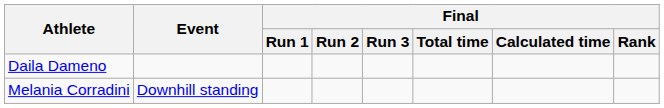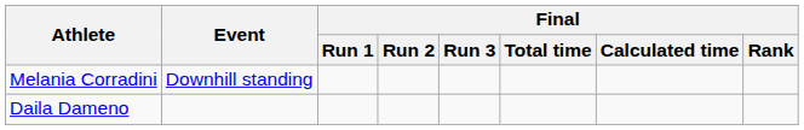 <table class="wikitable" style="font-size:100%">
 <tr>
 <th rowspan="2">Athlete</th>
 <th rowspan="2">Event</th>
 <th colspan="6">Final</th>
 </tr>
 <tr>
 <th>Run 1</th>
 <th>Run 2</th>
 <th>Run 3</th>
 <th>Total time</th>
 <th>Calculated time</th>
 <th>Rank</th>
 </tr>
 <tr>
+<td rowspan=1><a href='#'>Melania Corradini</a></td>
+<td><a href='#'>Downhill standing</a></td>
+<td align="center"></td>
+<td align="center"></td>
+<td align="center"></td>
+<td align="center"></td>
+<td align="center"></td>
+<td align="center"></td>
+</tr>
+<tr>
 <td rowspan=1><a href='#'>Daila Dameno</a></td>
 <td></td>
 <td align="center"></td>
 <td align="center"></td>
 <td align="center"></td>
 <td align="center"></td>
 <td align="center"></td>
 <td align="center"></td>
 </tr>
-<tr>
-<td rowspan=1><a href='#'>Melania Corradini</a></td>
-<td><a href='#'>Downhill standing</a></td>
-<td align="center"></td>
-<td align="center"></td>
-<td align="center"></td>
-<td align="center"></td>
-<td align="center"></td>
-<td align="center"></td>
-</tr>
 </table>
